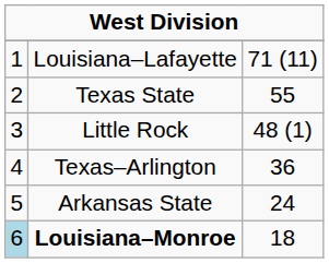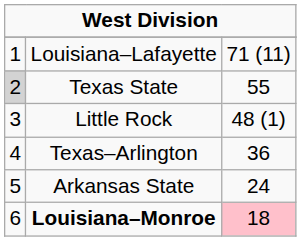 <table class="wikitable">
 <tr align="center">
 <td align="center" Colspan="3"><strong>West Division</strong></td>
 </tr>
 <tr align="center">
 </tr>
 <tr align="center">
 <td>1</td>
 <td>Louisiana–Lafayette</td>
 <td>71 (11)</td>
 </tr>
 <tr align="center">
-<td>2</td>
+<td style="background: lightgrey;">2</td>
 <td>Texas State</td>
 <td>55</td>
 </tr>
 <tr align="center">
 <td>3</td>
 <td>Little Rock</td>
 <td>48 (1)</td>
 </tr>
 <tr align="center">
 <td>4</td>
 <td>Texas–Arlington</td>
 <td>36</td>
 </tr>
 <tr align="center">
 <td>5</td>
 <td>Arkansas State</td>
 <td>24</td>
 </tr>
 <tr align="center">
-<td style="background: lightblue;">6</td>
+<td>6</td>
 <td><strong>Louisiana–Monroe</strong></td>
-<td>18</td>
+<td style="background: pink;">18</td>
 </tr>
 </table>
